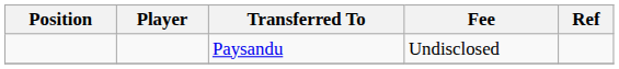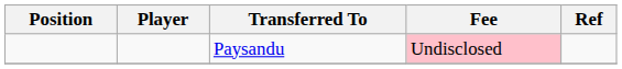 <table class="wikitable sortable" style="width:85%; text-align:center; font-size:100%; text-align:left;">
 <tr>
 <th>Position</th>
 <th>Player</th>
 <th>Transferred To</th>
 <th>Fee</th>
 <th>Ref</th>
 </tr>
 <tr>
 <td></td>
 <td></td>
 <td> <a href='#'>Paysandu</a></td>
-<td>Undisclosed</td>
+<td style="background: pink;">Undisclosed</td>
 <td></td>
 </tr>
 <tr>
 </tr>
 </table>
